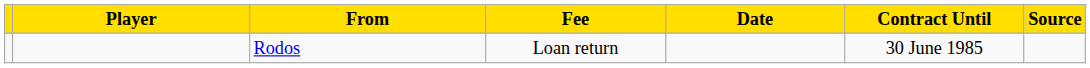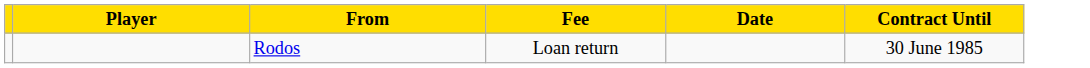 <table class="wikitable sortable">
 <tr>
 <th style="background:#FFDE00"></th>
 <th width=200 style="background:#FFDE00">Player</th>
 <th width=200 style="background:#FFDE00">From</th>
 <th width=150 style="background:#FFDE00">Fee</th>
 <th width=150 style="background:#FFDE00">Date</th>
 <th width=150 style="background:#FFDE00">Contract Until</th>
-<th style="background:#FFDE00">Source</th>
 </tr>
 <tr>
 <td align=center></td>
 <td></td>
 <td> <a href='#'>Rodos</a></td>
 <td align=center>Loan return</td>
 <td align=center></td>
 <td align=center>30 June 1985</td>
-<td align=center></td>
 </tr>
 </table>
